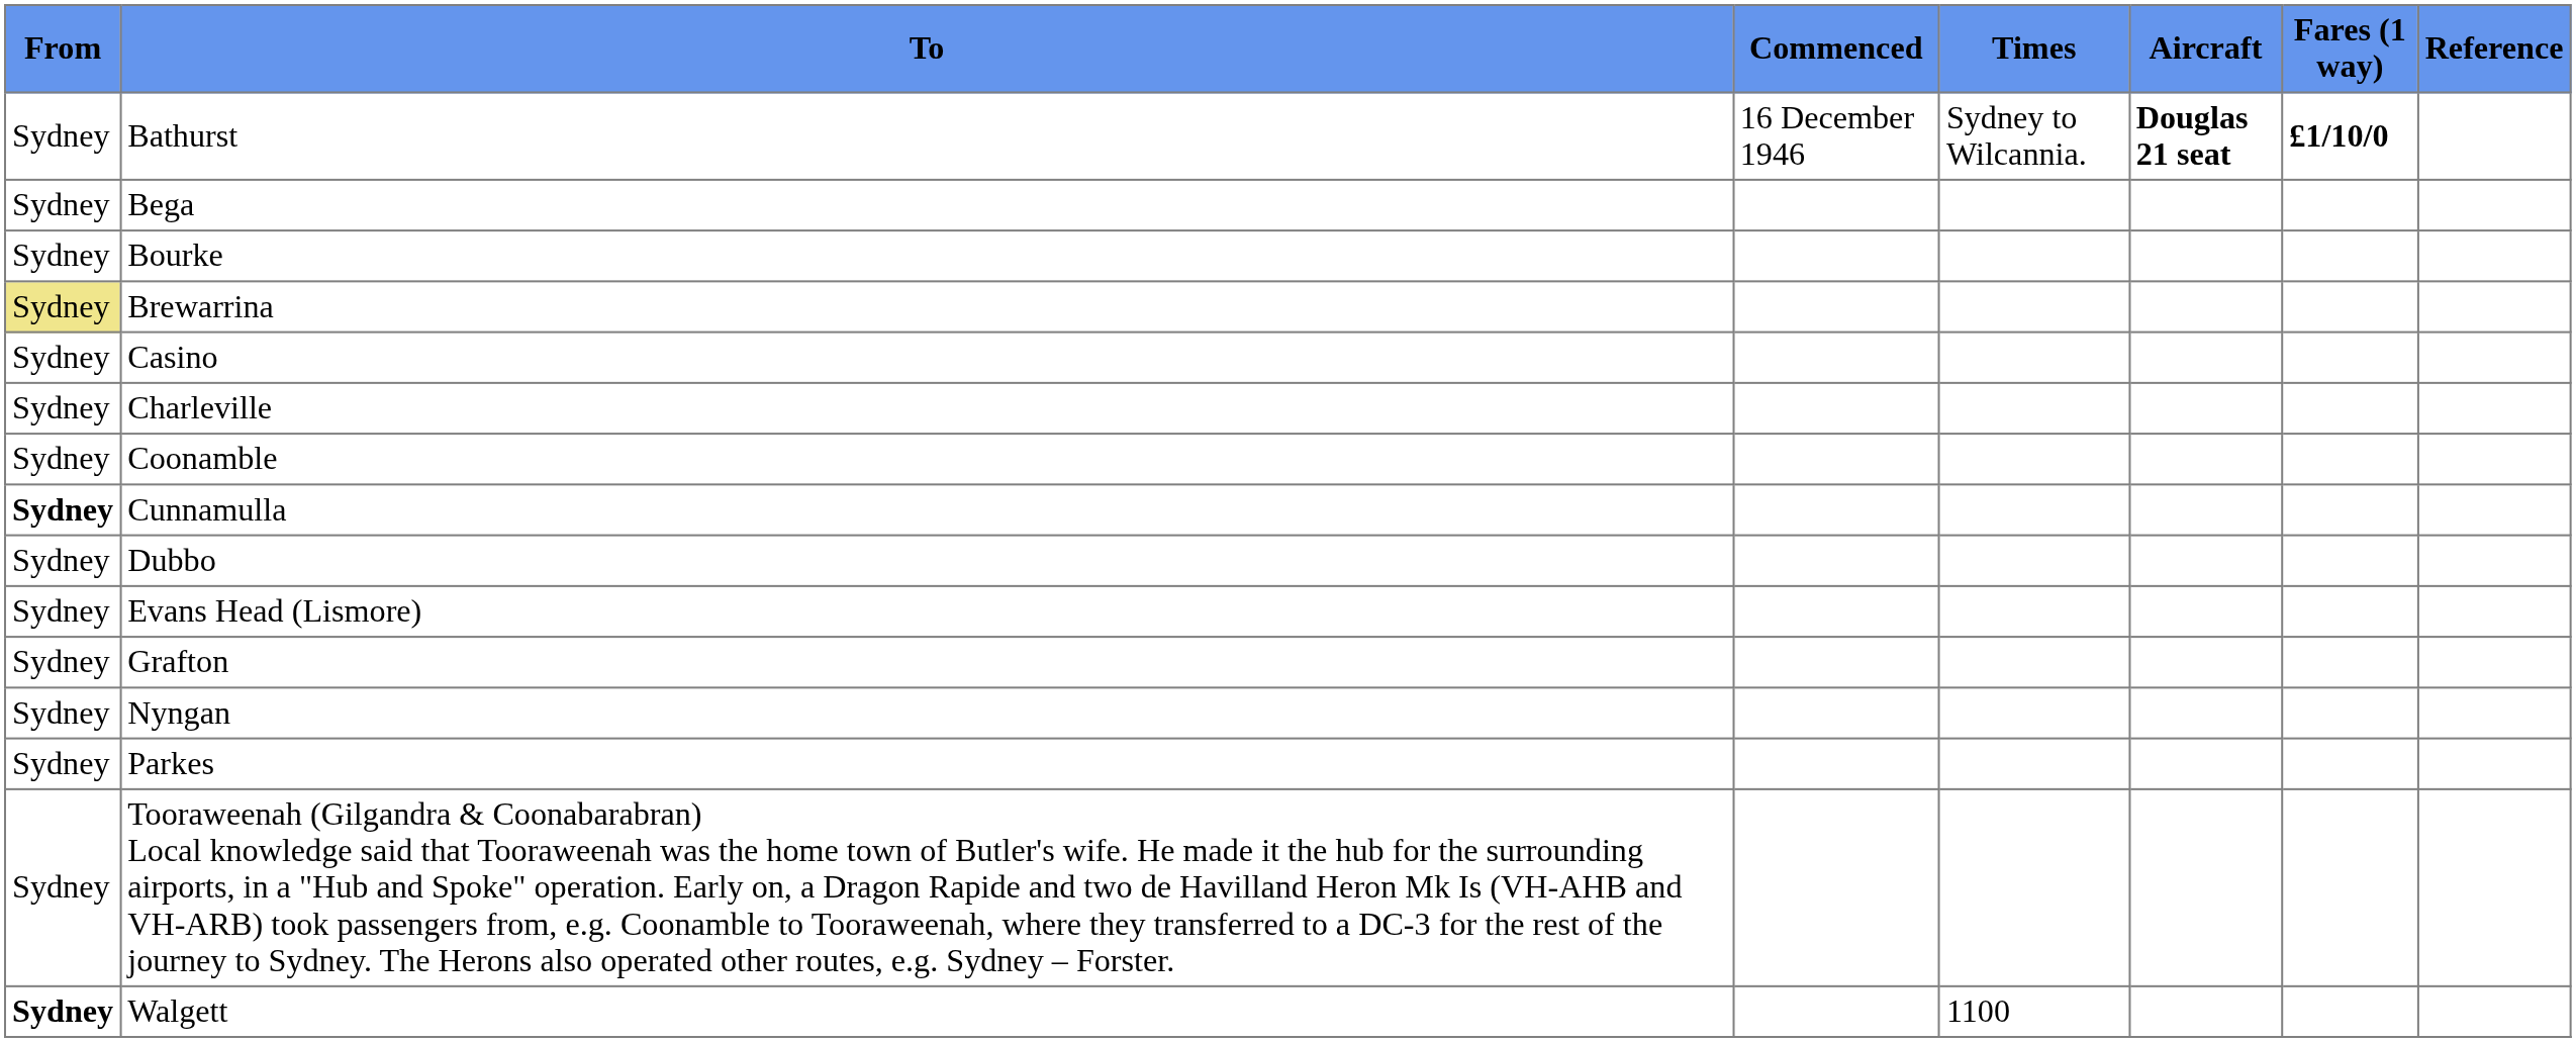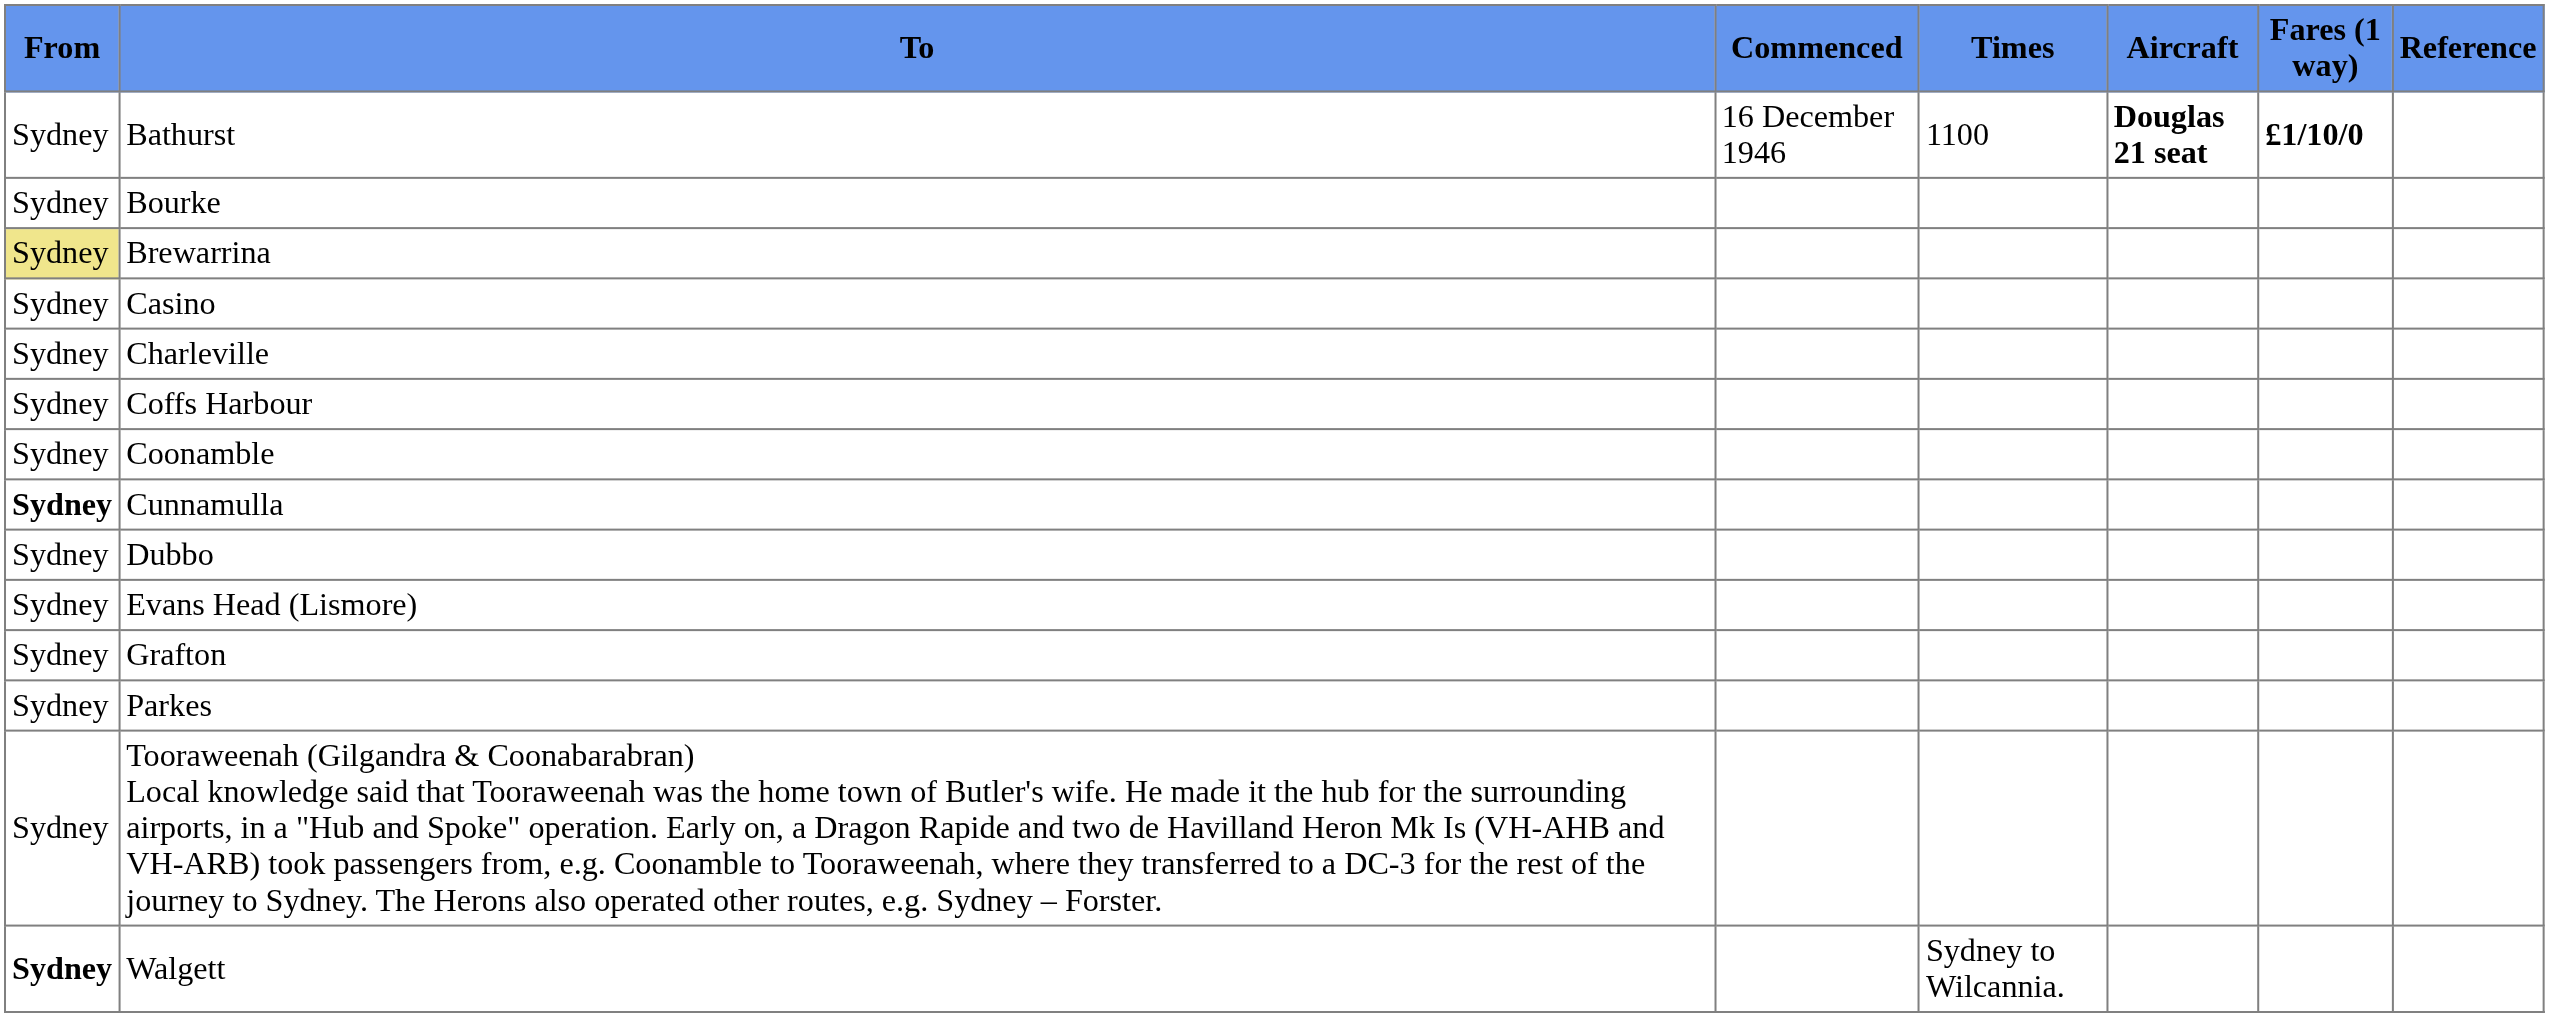 <table class="toccolours sortable" border="1" cellpadding="3" style="border-collapse:collapse;margin:auto;">
 <tr bgcolor=#6495ED>
 <th>From</th>
 <th>To</th>
 <th>Commenced</th>
 <th>Times</th>
 <th>Aircraft</th>
 <th>Fares (1 way)</th>
 <th>Reference</th>
 </tr>
 <tr>
 <td>Sydney</td>
 <td>Bathurst</td>
 <td>16 December 1946</td>
-<td>Sydney to Wilcannia.</td>
+<td>1100</td>
 <td><strong>Douglas 21 seat</strong></td>
 <td><strong>£1/10/0</strong></td>
-<td></td>
-</tr>
-<tr>
-<td>Sydney</td>
-<td>Bega</td>
-<td></td>
-<td></td>
-<td></td>
-<td></td>
 <td></td>
 </tr>
 <tr>
 <td>Sydney</td>
 <td>Bourke</td>
 <td></td>
 <td></td>
 <td></td>
 <td></td>
 <td></td>
 </tr>
 <tr>
 <td style="background: khaki;">Sydney</td>
 <td>Brewarrina</td>
 <td></td>
 <td></td>
 <td></td>
 <td></td>
 <td></td>
 </tr>
 <tr>
 <td>Sydney</td>
 <td>Casino</td>
 <td></td>
 <td></td>
 <td></td>
 <td></td>
 <td></td>
 </tr>
 <tr>
 <td>Sydney</td>
 <td>Charleville</td>
+<td></td>
+<td></td>
+<td></td>
+<td></td>
+<td></td>
+</tr>
+<tr>
+<td>Sydney</td>
+<td>Coffs Harbour</td>
 <td></td>
 <td></td>
 <td></td>
 <td></td>
 <td></td>
 </tr>
 <tr>
 <td>Sydney</td>
 <td>Coonamble</td>
 <td></td>
 <td></td>
 <td></td>
 <td></td>
 <td></td>
 </tr>
 <tr>
 <td><strong>Sydney</strong></td>
 <td>Cunnamulla</td>
 <td></td>
 <td></td>
 <td></td>
 <td></td>
 <td></td>
 </tr>
 <tr>
 <td>Sydney</td>
 <td>Dubbo</td>
 <td></td>
 <td></td>
 <td></td>
 <td></td>
 <td></td>
 </tr>
 <tr>
 <td>Sydney</td>
 <td>Evans Head (Lismore)</td>
 <td></td>
 <td></td>
 <td></td>
 <td></td>
 <td></td>
 </tr>
 <tr>
 <td>Sydney</td>
 <td>Grafton</td>
 <td></td>
 <td></td>
 <td></td>
 <td></td>
 <td></td>
 </tr>
 <tr>
 <td>Sydney</td>
-<td>Nyngan</td>
-<td></td>
-<td></td>
-<td></td>
-<td></td>
-<td></td>
-</tr>
-<tr>
-<td>Sydney</td>
 <td>Parkes</td>
 <td></td>
 <td></td>
 <td></td>
 <td></td>
 <td></td>
 </tr>
 <tr>
 <td>Sydney</td>
 <td>Tooraweenah (Gilgandra & Coonabarabran)<br>Local knowledge said that Tooraweenah was the home town of Butler's wife.  He made it the hub for the surrounding airports, in a "Hub and Spoke" operation. Early on, a Dragon Rapide and two de Havilland Heron Mk Is (VH-AHB and VH-ARB) took passengers from, e.g. Coonamble to Tooraweenah, where they transferred to a DC-3 for the rest of the journey to Sydney. The Herons also operated other routes, e.g. Sydney – Forster.</td>
 <td></td>
 <td></td>
 <td></td>
 <td></td>
 <td></td>
 </tr>
 <tr>
 <td><strong>Sydney</strong></td>
 <td>Walgett</td>
 <td></td>
-<td>1100</td>
+<td>Sydney to Wilcannia.</td>
 <td></td>
 <td></td>
 <td></td>
 </tr>
 <tr>
 </tr>
 </table>
